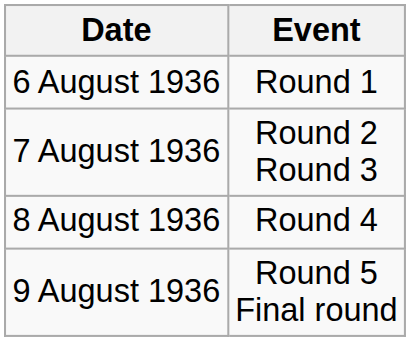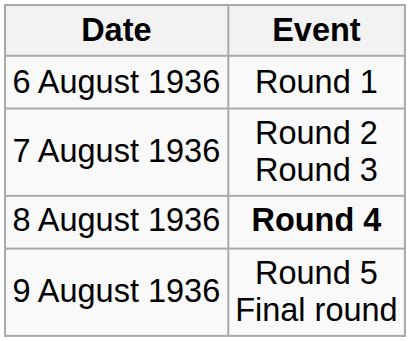 <table class = "wikitable" style="text-align:center;">
 <tr>
 <th>Date</th>
 <th>Event</th>
 </tr>
 <tr>
 <td>6 August 1936</td>
 <td>Round 1</td>
 </tr>
 <tr>
 <td>7 August 1936</td>
 <td>Round 2<br>Round 3</td>
 </tr>
 <tr>
 <td>8 August 1936</td>
-<td>Round 4</td>
+<td><strong>Round 4</strong></td>
 </tr>
 <tr>
 <td>9 August 1936</td>
 <td>Round 5<br>Final round</td>
 </tr>
 </table>
